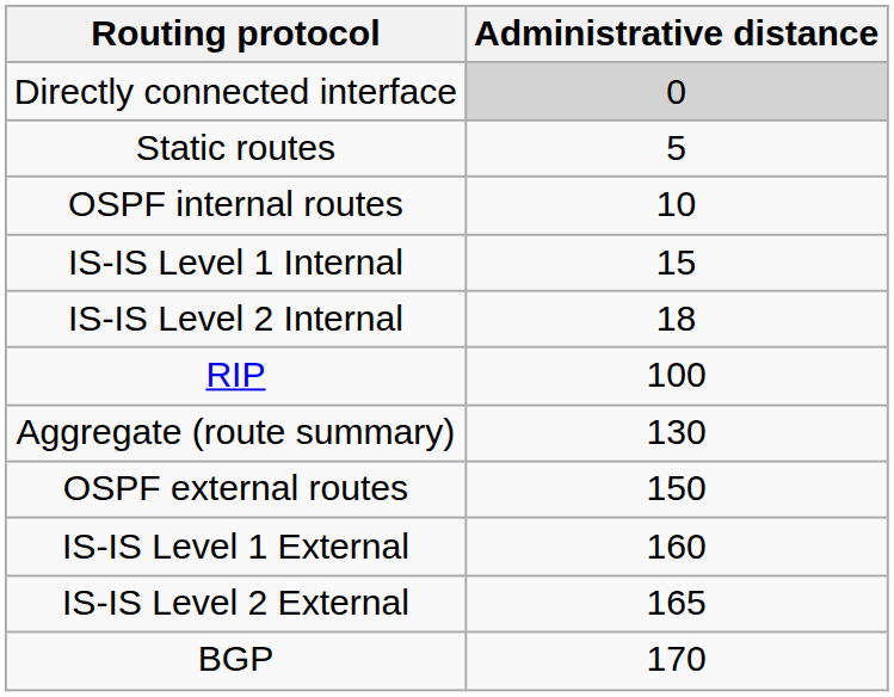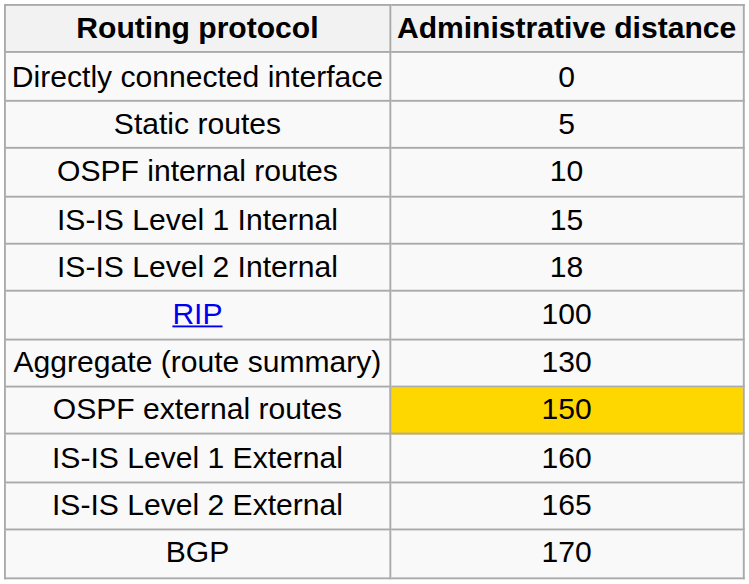 <table class="wikitable" style="text-align:center">
 <tr>
 <th>Routing protocol</th>
 <th>Administrative distance</th>
 </tr>
 <tr>
 <td>Directly connected interface</td>
-<td style="background: lightgrey;">0</td>
+<td>0</td>
 </tr>
 <tr>
 <td>Static routes</td>
 <td>5</td>
 </tr>
 <tr>
 <td>OSPF internal routes</td>
 <td>10</td>
 </tr>
 <tr>
 <td>IS-IS Level 1 Internal</td>
 <td>15</td>
 </tr>
 <tr>
 <td>IS-IS Level 2 Internal</td>
 <td>18</td>
 </tr>
 <tr>
 <td><a href='#'>RIP</a></td>
 <td>100</td>
 </tr>
 <tr>
 <td>Aggregate (route summary)</td>
 <td>130</td>
 </tr>
 <tr>
 <td>OSPF external routes</td>
-<td>150</td>
+<td style="background: gold;">150</td>
 </tr>
 <tr>
 <td>IS-IS Level 1 External</td>
 <td>160</td>
 </tr>
 <tr>
 <td>IS-IS Level 2 External</td>
 <td>165</td>
 </tr>
 <tr>
 <td>BGP</td>
 <td>170</td>
 </tr>
 </table>
